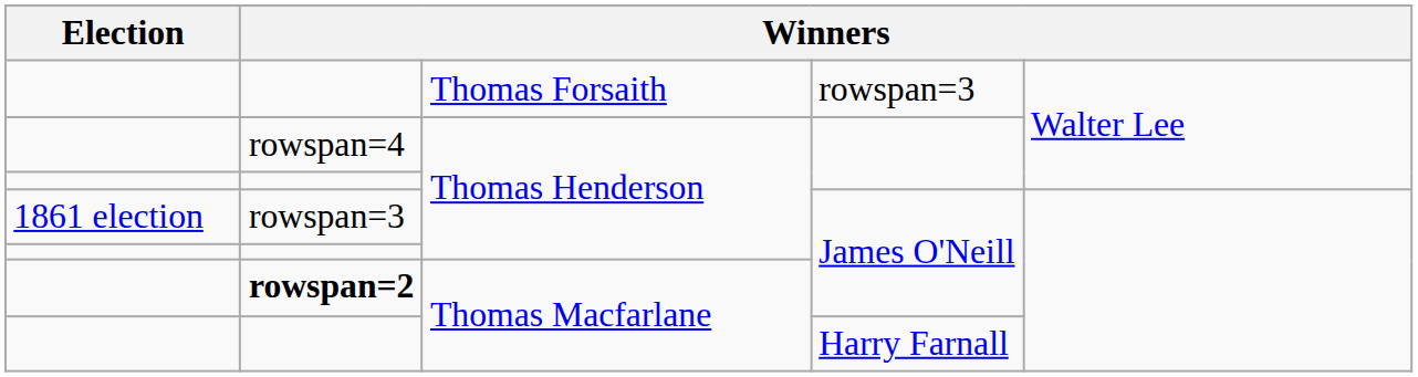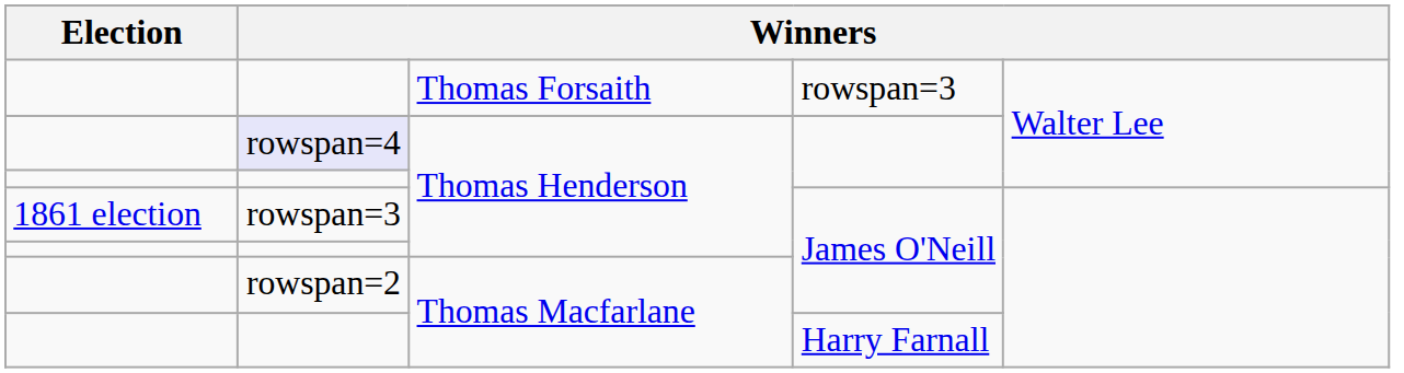 <table class=wikitable>
 <tr>
 <th width=100>Election</th>
 <th colspan=4>Winners</th>
 </tr>
 <tr>
 <td></td>
 <td></td>
 <td width=170><a href='#'>Thomas Forsaith</a></td>
 <td>rowspan=3 </td>
 <td width=170 rowspan=3><a href='#'>Walter Lee</a></td>
 </tr>
 <tr>
 <td></td>
-<td>rowspan=4 </td>
+<td style="background: lavender;">rowspan=4 </td>
 <td rowspan=4><a href='#'>Thomas Henderson</a></td>
 </tr>
 <tr>
 <td></td>
 </tr>
 <tr>
 <td><a href='#'>1861 election</a></td>
 <td>rowspan=3 </td>
 <td rowspan=3><a href='#'>James O'Neill</a></td>
 </tr>
 <tr>
 <td></td>
 </tr>
 <tr>
 <td></td>
-<td><strong>rowspan=2 </strong></td>
+<td>rowspan=2 </td>
 <td rowspan=2><a href='#'>Thomas Macfarlane</a></td>
 </tr>
 <tr>
 <td></td>
 <td></td>
 <td><a href='#'>Harry Farnall</a></td>
 </tr>
 </table>
